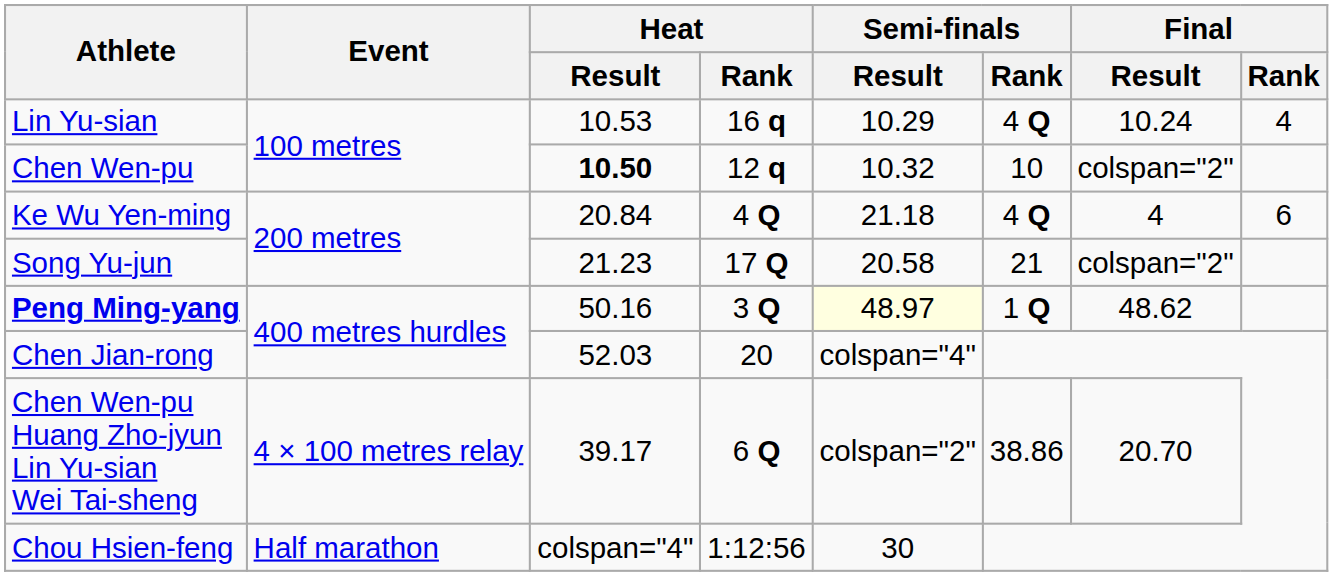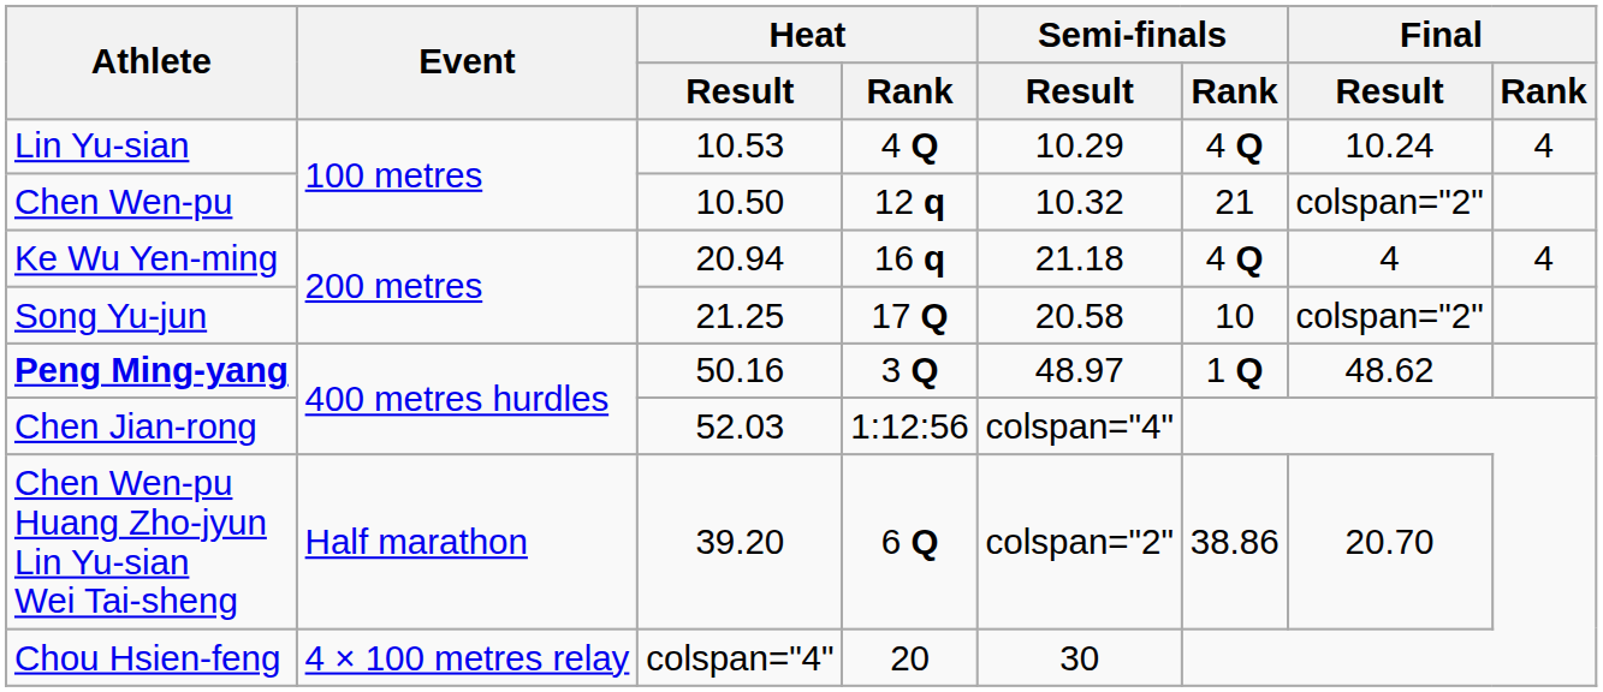 <table class="wikitable" style="font-size:90%; text-align:center">
 <tr>
 <th rowspan="2">Athlete</th>
 <th rowspan="2">Event</th>
 <th colspan="2">Heat</th>
 <th colspan="2">Semi-finals</th>
 <th colspan="2">Final</th>
 </tr>
 <tr>
 <th>Result</th>
 <th>Rank</th>
 <th>Result</th>
 <th>Rank</th>
 <th>Result</th>
 <th>Rank</th>
 </tr>
 <tr>
 <td align="left"><a href='#'>Lin Yu-sian</a></td>
 <td align="left" rowspan="2"><a href='#'>100 metres</a></td>
 <td>10.53</td>
-<td>16 <strong>q</strong></td>
+<td>4 <strong>Q</strong></td>
 <td>10.29 <strong></strong></td>
 <td>4 <strong>Q</strong></td>
 <td>10.24 <strong></strong></td>
 <td>4</td>
 </tr>
 <tr>
 <td align="left"><a href='#'>Chen Wen-pu</a></td>
-<td><strong>10.50</strong></td>
+<td>10.50</td>
 <td>12 <strong>q</strong></td>
 <td>10.32 <strong></strong></td>
-<td>10</td>
+<td>21</td>
 <td>colspan="2" </td>
 </tr>
 <tr>
 <td align="left"><a href='#'>Ke Wu Yen-ming</a></td>
 <td align="left" rowspan="2"><a href='#'>200 metres</a></td>
-<td>20.84</td>
-<td>4 <strong>Q</strong></td>
+<td>20.94</td>
+<td>16 <strong>q</strong></td>
 <td>21.18</td>
 <td>4 <strong>Q</strong></td>
 <td>4</td>
-<td>6</td>
+<td>4</td>
 </tr>
 <tr>
 <td align="left"><a href='#'>Song Yu-jun</a></td>
-<td>21.23</td>
+<td>21.25</td>
 <td>17 <strong>Q</strong></td>
 <td>20.58</td>
-<td>21</td>
+<td>10</td>
 <td>colspan="2" </td>
 </tr>
 <tr>
 <td align="left"><strong><a href='#'>Peng Ming-yang</a></strong></td>
 <td align="left" rowspan="2"><a href='#'>400 metres hurdles</a></td>
 <td>50.16</td>
 <td>3 <strong>Q</strong></td>
-<td style="background: lightyellow;">48.97 <strong></strong></td>
+<td>48.97 <strong></strong></td>
 <td>1 <strong>Q</strong></td>
 <td>48.62 <strong> </strong></td>
 <td></td>
 </tr>
 <tr>
 <td align="left"><a href='#'>Chen Jian-rong</a></td>
 <td>52.03</td>
-<td>20</td>
+<td>1:12:56</td>
 <td>colspan="4" </td>
 </tr>
 <tr>
 <td align="left"><a href='#'>Chen Wen-pu</a><br><a href='#'>Huang Zho-jyun</a><br><a href='#'>Lin Yu-sian</a><br><a href='#'>Wei Tai-sheng</a></td>
-<td align="left"><a href='#'>4 × 100 metres relay</a></td>
-<td>39.17</td>
+<td align="left"><a href='#'>Half marathon</a></td>
+<td>39.20</td>
 <td>6 <strong>Q</strong></td>
 <td>colspan="2" </td>
 <td>38.86 <strong></strong></td>
 <td>20.70</td>
 </tr>
 <tr>
 <td align="left"><a href='#'>Chou Hsien-feng</a></td>
-<td align="left"><a href='#'>Half marathon</a></td>
+<td align="left"><a href='#'>4 × 100 metres relay</a></td>
 <td>colspan="4" </td>
-<td>1:12:56</td>
+<td>20</td>
 <td>30</td>
 </tr>
 </table>
